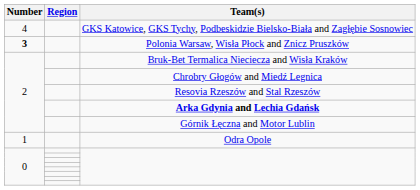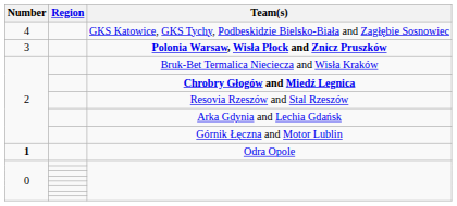 <table class="wikitable" style="text-align:center">
 <tr>
 <th>Number</th>
 <th><a href='#'>Region</a></th>
 <th>Team(s)</th>
 </tr>
 <tr>
 <td rowspan="1">4</td>
 <td align="left"></td>
 <td><a href='#'>GKS Katowice</a>, <a href='#'>GKS Tychy</a>, <a href='#'>Podbeskidzie Bielsko-Biała</a> and <a href='#'>Zagłębie Sosnowiec</a></td>
 </tr>
 <tr>
-<td rowspan="1"><strong>3</strong></td>
+<td rowspan="1">3</td>
 <td align="left"></td>
-<td><a href='#'>Polonia Warsaw</a>, <a href='#'>Wisła Płock</a> and <a href='#'>Znicz Pruszków</a></td>
+<td><strong><a href='#'>Polonia Warsaw</a>, <a href='#'>Wisła Płock</a> and <a href='#'>Znicz Pruszków</a></strong></td>
 </tr>
 <tr>
 <td rowspan="5">2</td>
 <td align="left"></td>
 <td><a href='#'>Bruk-Bet Termalica Nieciecza</a> and <a href='#'>Wisła Kraków</a></td>
 </tr>
 <tr>
 <td align="left"></td>
-<td><a href='#'>Chrobry Głogów</a> and <a href='#'>Miedź Legnica</a></td>
+<td><strong><a href='#'>Chrobry Głogów</a> and <a href='#'>Miedź Legnica</a></strong></td>
 </tr>
 <tr>
 <td align="left"></td>
 <td><a href='#'>Resovia Rzeszów</a> and <a href='#'>Stal Rzeszów</a></td>
 </tr>
 <tr>
 <td align="left"></td>
-<td><strong><a href='#'>Arka Gdynia</a> and <a href='#'>Lechia Gdańsk</a></strong></td>
+<td><a href='#'>Arka Gdynia</a> and <a href='#'>Lechia Gdańsk</a></td>
 </tr>
 <tr>
 <td align="left"></td>
 <td><a href='#'>Górnik Łęczna</a> and <a href='#'>Motor Lublin</a></td>
 </tr>
 <tr>
-<td rowspan="1">1</td>
+<td rowspan="1"><strong>1</strong></td>
 <td align="left"></td>
 <td><a href='#'>Odra Opole</a></td>
 </tr>
 <tr>
 <td rowspan="8">0</td>
 <td align="left"></td>
 </tr>
 <tr>
 <td align="left"></td>
 </tr>
 <tr>
 <td align="left"></td>
 </tr>
 <tr>
 <td align="left"></td>
 </tr>
 <tr>
 <td align="left"></td>
 </tr>
 <tr>
 <td align="left"></td>
 </tr>
 <tr>
 <td align="left"></td>
 </tr>
 <tr>
 <td align="left"></td>
 </tr>
 </table>
